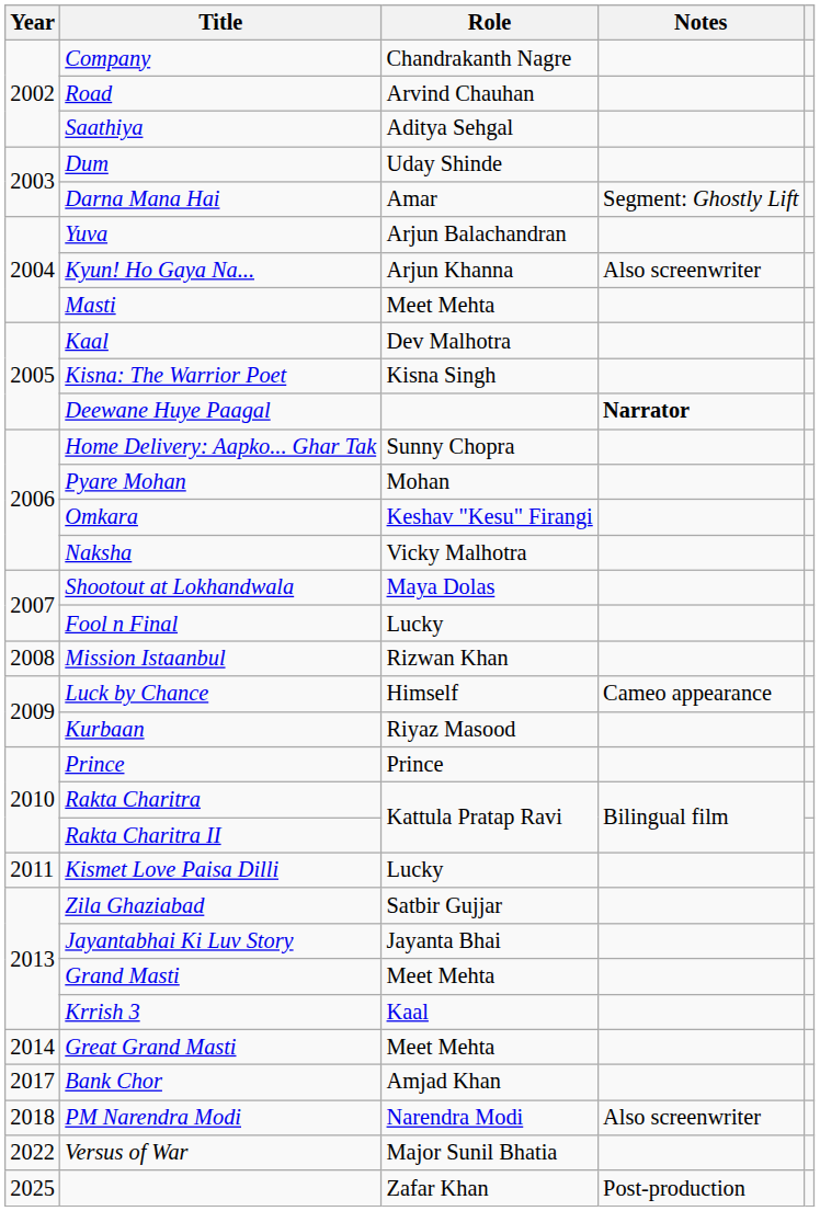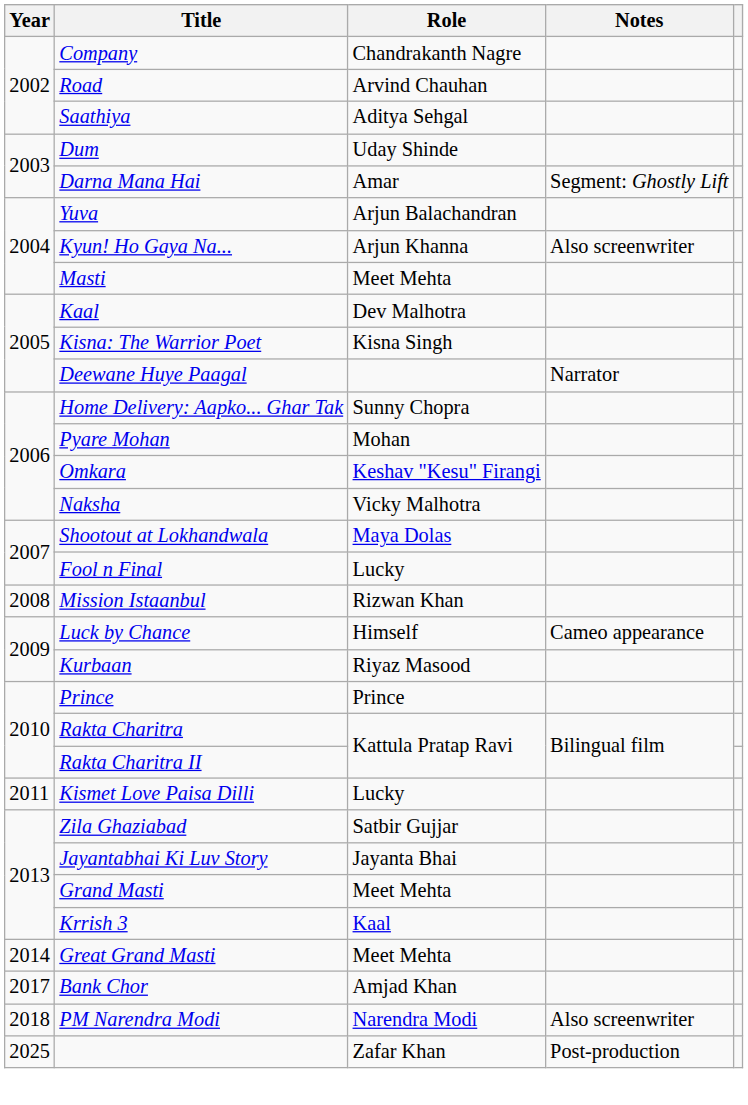 <table class="wikitable ">
 <tr style="background:#ccc; tex kit-align:center;">
 <th>Year</th>
 <th>Title</th>
 <th>Role</th>
 <th>Notes</th>
 <th></th>
 </tr>
 <tr>
 <td rowspan="3">2002</td>
 <td><em><a href='#'>Company</a></em></td>
 <td>Chandrakanth Nagre</td>
 <td></td>
 <td></td>
 </tr>
 <tr>
 <td><em><a href='#'>Road</a></em></td>
 <td>Arvind Chauhan</td>
 <td></td>
 <td></td>
 </tr>
 <tr>
 <td><em><a href='#'>Saathiya</a></em></td>
 <td>Aditya Sehgal</td>
 <td></td>
 <td></td>
 </tr>
 <tr>
 <td rowspan="2">2003</td>
 <td><em><a href='#'>Dum</a></em></td>
 <td>Uday Shinde</td>
 <td></td>
 <td></td>
 </tr>
 <tr>
 <td><em><a href='#'>Darna Mana Hai</a></em></td>
 <td>Amar</td>
 <td>Segment: <em>Ghostly Lift</em></td>
 <td></td>
 </tr>
 <tr>
 <td rowspan="3">2004</td>
 <td><em><a href='#'>Yuva</a></em></td>
 <td>Arjun Balachandran</td>
 <td></td>
 <td></td>
 </tr>
 <tr>
 <td><em><a href='#'>Kyun! Ho Gaya Na...</a></em></td>
 <td>Arjun Khanna</td>
 <td>Also screenwriter</td>
 <td></td>
 </tr>
 <tr>
 <td><em><a href='#'>Masti</a></em></td>
 <td>Meet Mehta</td>
 <td></td>
 <td></td>
 </tr>
 <tr>
 <td rowspan="3">2005</td>
 <td><em><a href='#'>Kaal</a></em></td>
 <td>Dev Malhotra</td>
 <td></td>
 <td></td>
 </tr>
 <tr>
 <td><em><a href='#'>Kisna: The Warrior Poet</a></em></td>
 <td>Kisna Singh</td>
 <td></td>
 <td></td>
 </tr>
 <tr>
 <td><em><a href='#'>Deewane Huye Paagal</a></em></td>
 <td></td>
-<td><strong>Narrator</strong></td>
+<td>Narrator</td>
 <td></td>
 </tr>
 <tr>
 <td rowspan="4">2006</td>
 <td><em><a href='#'>Home Delivery: Aapko... Ghar Tak</a></em></td>
 <td>Sunny Chopra</td>
 <td></td>
 <td></td>
 </tr>
 <tr>
 <td><em><a href='#'>Pyare Mohan</a></em></td>
 <td>Mohan</td>
 <td></td>
 <td></td>
 </tr>
 <tr>
 <td><em><a href='#'>Omkara</a></em></td>
 <td><a href='#'>Keshav "Kesu" Firangi</a></td>
 <td></td>
 <td></td>
 </tr>
 <tr>
 <td><em><a href='#'>Naksha</a></em></td>
 <td>Vicky Malhotra</td>
 <td></td>
 <td></td>
 </tr>
 <tr>
 <td rowspan="2">2007</td>
 <td><em><a href='#'>Shootout at Lokhandwala</a></em></td>
 <td><a href='#'>Maya Dolas</a></td>
 <td></td>
 <td></td>
 </tr>
 <tr>
 <td><em><a href='#'>Fool n Final</a></em></td>
 <td>Lucky</td>
 <td></td>
 <td></td>
 </tr>
 <tr>
 <td>2008</td>
 <td><em><a href='#'>Mission Istaanbul</a></em></td>
 <td>Rizwan Khan</td>
 <td></td>
 <td></td>
 </tr>
 <tr>
 <td rowspan="2">2009</td>
 <td><em><a href='#'>Luck by Chance</a></em></td>
 <td>Himself</td>
 <td>Cameo appearance</td>
 <td></td>
 </tr>
 <tr>
 <td><em><a href='#'>Kurbaan</a></em></td>
 <td>Riyaz Masood</td>
 <td></td>
 <td></td>
 </tr>
 <tr>
 <td rowspan="3">2010</td>
 <td><em><a href='#'>Prince</a></em></td>
 <td>Prince</td>
 <td></td>
 <td></td>
 </tr>
 <tr>
 <td><em><a href='#'>Rakta Charitra</a></em></td>
 <td rowspan="2">Kattula Pratap Ravi</td>
 <td rowspan=2>Bilingual film</td>
 <td></td>
 </tr>
 <tr>
 <td><em><a href='#'>Rakta Charitra II</a></em></td>
 <td></td>
 </tr>
 <tr>
 <td>2011</td>
 <td><em><a href='#'>Kismet Love Paisa Dilli</a></em></td>
 <td>Lucky</td>
 <td></td>
 <td></td>
 </tr>
 <tr>
 <td rowspan="4">2013</td>
 <td><em><a href='#'>Zila Ghaziabad</a></em></td>
 <td>Satbir Gujjar</td>
 <td></td>
 <td></td>
 </tr>
 <tr>
 <td><em><a href='#'>Jayantabhai Ki Luv Story</a></em></td>
 <td>Jayanta Bhai</td>
 <td></td>
 <td></td>
 </tr>
 <tr>
 <td><em><a href='#'>Grand Masti</a></em></td>
 <td>Meet Mehta</td>
 <td></td>
 <td></td>
 </tr>
 <tr>
 <td><em><a href='#'>Krrish 3</a></em></td>
 <td><a href='#'>Kaal</a></td>
 <td></td>
 <td></td>
 </tr>
 <tr>
 <td>2014</td>
 <td><em><a href='#'>Great Grand Masti</a></em></td>
 <td>Meet Mehta</td>
 <td></td>
 <td></td>
 </tr>
 <tr>
 <td>2017</td>
 <td><em><a href='#'>Bank Chor</a></em></td>
 <td>Amjad Khan</td>
 <td></td>
 <td></td>
 </tr>
 <tr>
 <td>2018</td>
 <td><em><a href='#'>PM Narendra Modi</a></em></td>
 <td><a href='#'>Narendra Modi</a></td>
 <td>Also screenwriter</td>
 <td></td>
 </tr>
 <tr>
-<td>2022</td>
-<td><em>Versus of War</em></td>
-<td>Major Sunil Bhatia</td>
-<td></td>
-<td></td>
-</tr>
-<tr>
 <td>2025</td>
 <td></td>
 <td>Zafar Khan</td>
 <td>Post-production</td>
 <td></td>
 </tr>
 </table>
